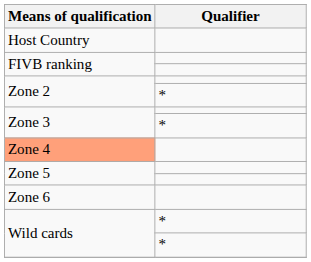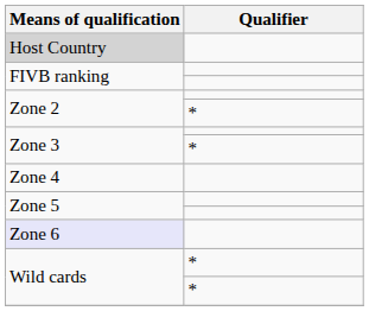 <table class="wikitable" style="width:300;">
 <tr>
 <th width=50%>Means of qualification</th>
 <th width=50%>Qualifier</th>
 </tr>
 <tr>
-<td>Host Country</td>
+<td style="background: lightgrey;">Host Country</td>
 <td></td>
 </tr>
 <tr>
 <td rowspan="2">FIVB ranking</td>
 <td></td>
 </tr>
 <tr>
 <td></td>
 </tr>
 <tr>
 <td rowspan="2">Zone 2</td>
 <td></td>
 </tr>
 <tr>
 <td><s></s>*</td>
 </tr>
 <tr>
 <td rowspan="2">Zone 3</td>
 <td></td>
 </tr>
 <tr>
 <td><s></s>*</td>
 </tr>
 <tr>
-<td style="background: lightsalmon;">Zone 4</td>
+<td>Zone 4</td>
 <td></td>
 </tr>
 <tr>
 <td rowspan="2">Zone 5</td>
 <td></td>
 </tr>
 <tr>
 <td></td>
 </tr>
 <tr>
-<td>Zone 6</td>
+<td style="background: lavender;">Zone 6</td>
 <td></td>
 </tr>
 <tr>
 <td rowspan=2>Wild cards</td>
 <td><s></s>*</td>
 </tr>
 <tr>
 <td><s></s>*</td>
 </tr>
 <tr>
 </tr>
 </table>
